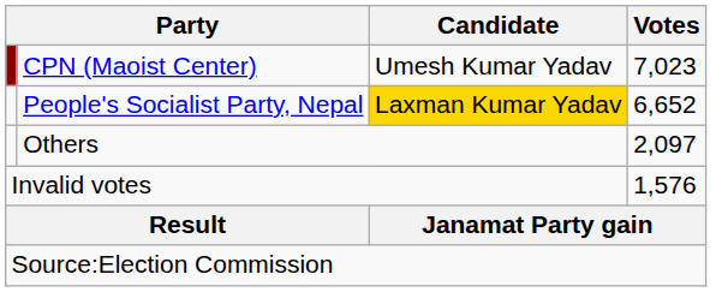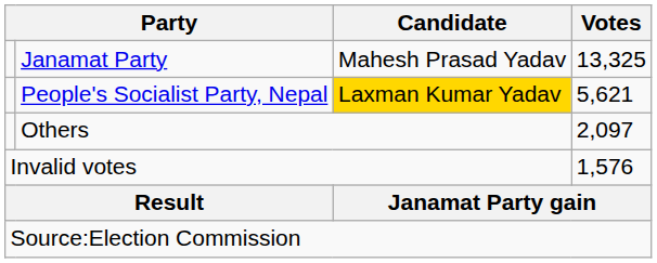 <table class="wikitable">
 <tr>
 <th colspan="2">Party</th>
 <th>Candidate</th>
 <th>Votes</th>
 </tr>
 <tr>
-<td style="background-color:darkred"></td>
-<td><a href='#'>CPN (Maoist Center)</a></td>
-<td>Umesh Kumar Yadav</td>
-<td>7,023</td>
+<td style="background-color:"></td>
+<td><a href='#'>Janamat Party</a></td>
+<td>Mahesh Prasad Yadav</td>
+<td>13,325</td>
 </tr>
 <tr>
 <td style="background-color:"></td>
 <td><a href='#'>People's Socialist Party, Nepal</a></td>
 <td style="background: gold;">Laxman Kumar Yadav</td>
-<td>6,652</td>
+<td>5,621</td>
 </tr>
 <tr>
 <td></td>
 <td colspan="2">Others</td>
 <td>2,097</td>
 </tr>
 <tr>
 <td colspan="3">Invalid votes</td>
 <td>1,576</td>
 </tr>
 <tr>
 <th colspan="2">Result</th>
 <th colspan="2">Janamat Party gain</th>
 </tr>
 <tr>
 <td colspan="4">Source:Election Commission</td>
 </tr>
 </table>
